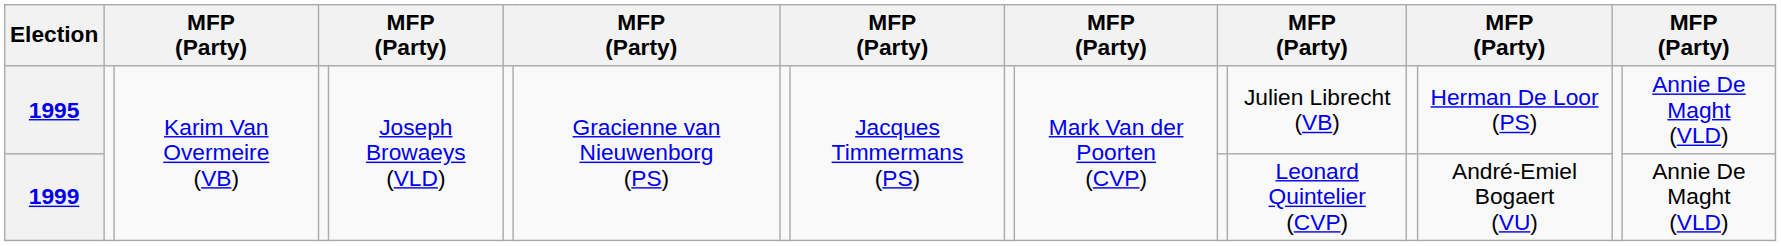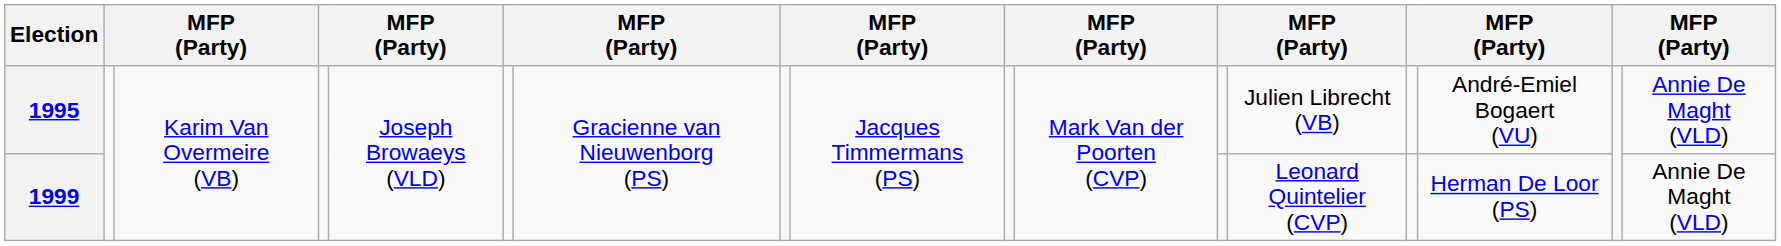 <table class="wikitable" style="text-align:center">
 <tr>
 <th>Election</th>
 <th colspan=2>MFP<br>(Party)</th>
 <th colspan=2>MFP<br>(Party)</th>
 <th colspan=2>MFP<br>(Party)</th>
 <th colspan=2>MFP<br>(Party)</th>
 <th colspan=2>MFP<br>(Party)</th>
 <th colspan=2>MFP<br>(Party)</th>
 <th colspan=2>MFP<br>(Party)</th>
 <th colspan=2>MFP<br>(Party)</th>
 </tr>
 <tr>
 <th><a href='#'>1995</a></th>
 <td rowspan=2; style="background-color: "></td>
 <td rowspan=2><a href='#'>Karim Van Overmeire</a><br>(<a href='#'>VB</a>)</td>
 <td rowspan=2; style="background-color: "></td>
 <td rowspan=2><a href='#'>Joseph Browaeys</a><br>(<a href='#'>VLD</a>)</td>
 <td rowspan=2; style="background-color: "></td>
 <td rowspan=2><a href='#'>Gracienne van Nieuwenborg</a><br>(<a href='#'>PS</a>)</td>
 <td rowspan=2; style="background-color: "></td>
 <td rowspan=2><a href='#'>Jacques Timmermans</a><br>(<a href='#'>PS</a>)</td>
 <td rowspan=2; style="background-color: "></td>
 <td rowspan=2><a href='#'>Mark Van der Poorten</a><br>(<a href='#'>CVP</a>)</td>
 <td rowspan=1; style="background-color: "></td>
 <td>Julien Librecht<br>(<a href='#'>VB</a>)</td>
 <td rowspan=1; style="background-color: "></td>
-<td><a href='#'>Herman De Loor</a><br>(<a href='#'>PS</a>)</td>
+<td>André-Emiel Bogaert<br>(<a href='#'>VU</a>)</td>
 <td rowspan=2; style="background-color: "></td>
 <td><a href='#'>Annie De Maght</a><br>(<a href='#'>VLD</a>)</td>
 </tr>
 <tr>
 <th><a href='#'>1999</a></th>
 <td rowspan=1; style="background-color: "></td>
 <td><a href='#'>Leonard Quintelier</a><br>(<a href='#'>CVP</a>)</td>
 <td rowspan=1; style="background-color: "></td>
-<td>André-Emiel Bogaert<br>(<a href='#'>VU</a>)</td>
+<td><a href='#'>Herman De Loor</a><br>(<a href='#'>PS</a>)</td>
 <td>Annie De Maght<br>(<a href='#'>VLD</a>)</td>
 </tr>
 </table>
